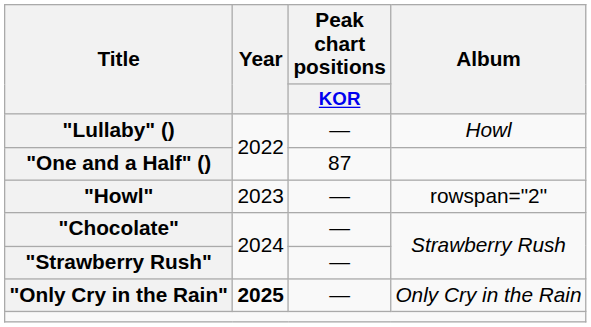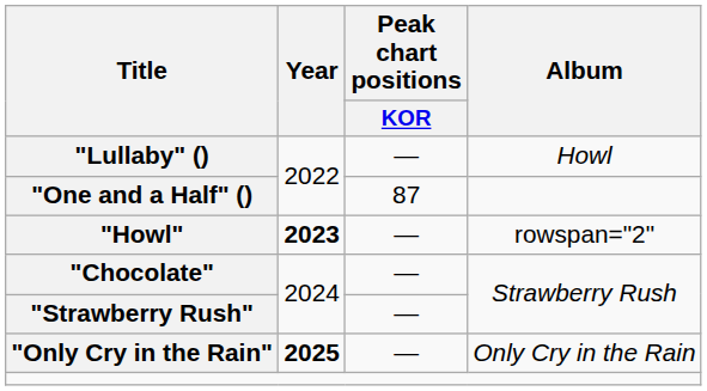 <table class="wikitable plainrowheaders" style="text-align:center">
 <tr>
 <th scope="col" rowspan="2">Title</th>
 <th scope="col" rowspan="2">Year</th>
 <th scope="col" colspan="1">Peak chart positions</th>
 <th scope="col" rowspan="2">Album</th>
 </tr>
 <tr>
 <th scope="col" style="width:4em;font-size:90%"><a href='#'>KOR</a><br></th>
 </tr>
 <tr>
 <th scope="row">"Lullaby" () <br></th>
 <td rowspan="2">2022</td>
 <td>—</td>
 <td><em>Howl</em></td>
 </tr>
 <tr>
 <th scope="row">"One and a Half" ()</th>
 <td>87</td>
 </tr>
 <tr>
 <th scope="row">"Howl"</th>
-<td>2023</td>
+<td><strong>2023</strong></td>
 <td>—</td>
 <td>rowspan="2" </td>
 </tr>
 <tr>
 <th scope="row">"Chocolate"</th>
 <td rowspan="2">2024</td>
 <td>—</td>
 <td rowspan="2"><em>Strawberry Rush</em></td>
 </tr>
 <tr>
 <th scope="row">"Strawberry Rush"</th>
 <td>—</td>
 </tr>
 <tr>
 <th scope="row">"Only Cry in the Rain"</th>
 <td><strong>2025</strong></td>
 <td>—</td>
 <td><em>Only Cry in the Rain</em></td>
 </tr>
 <tr>
 <td colspan="5"></td>
 </tr>
 </table>
